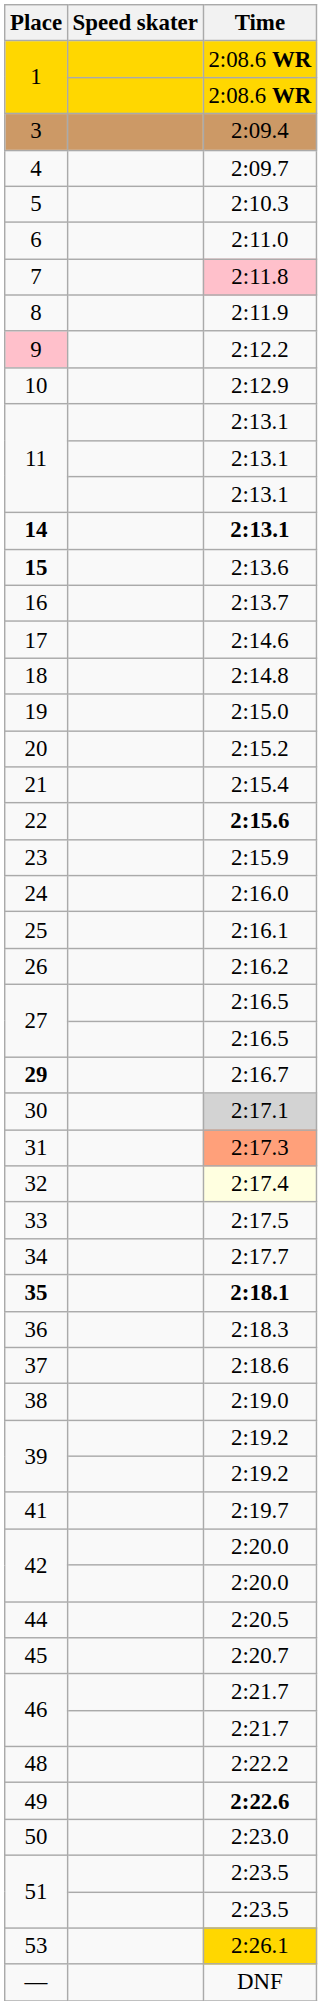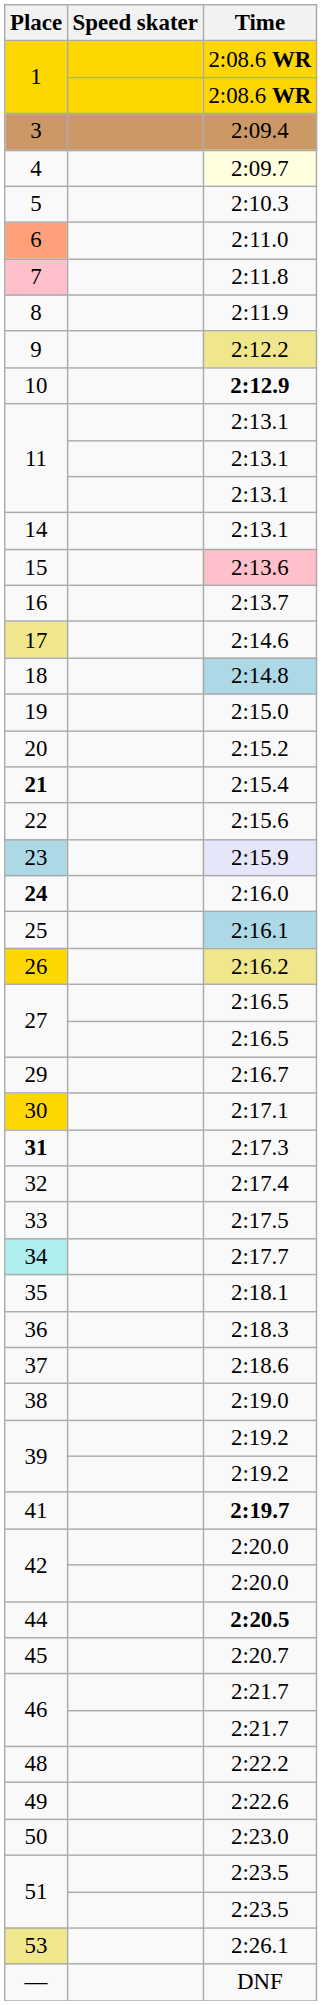 <table class="wikitable" style="text-align:center">
 <tr>
 <th>Place</th>
 <th>Speed skater</th>
 <th>Time</th>
 </tr>
 <tr bgcolor=gold>
 <td rowspan=2>1</td>
 <td align=left></td>
 <td>2:08.6 <strong>WR</strong></td>
 </tr>
 <tr bgcolor=gold>
 <td align=left></td>
 <td>2:08.6 <strong>WR</strong></td>
 </tr>
 <tr bgcolor=cc9966>
 <td>3</td>
 <td align=left></td>
 <td>2:09.4</td>
 </tr>
 <tr>
 <td>4</td>
 <td align=left></td>
-<td>2:09.7</td>
+<td style="background: lightyellow;">2:09.7</td>
 </tr>
 <tr>
 <td>5</td>
 <td align=left></td>
 <td>2:10.3</td>
 </tr>
 <tr>
-<td>6</td>
+<td style="background: lightsalmon;">6</td>
 <td align=left></td>
 <td>2:11.0</td>
 </tr>
 <tr>
-<td>7</td>
+<td style="background: pink;">7</td>
 <td align=left></td>
-<td style="background: pink;">2:11.8</td>
+<td>2:11.8</td>
 </tr>
 <tr>
 <td>8</td>
 <td align=left></td>
 <td>2:11.9</td>
 </tr>
 <tr>
-<td style="background: pink;">9</td>
+<td>9</td>
 <td align=left></td>
-<td>2:12.2</td>
+<td style="background: khaki;">2:12.2</td>
 </tr>
 <tr>
 <td>10</td>
 <td align=left></td>
-<td>2:12.9</td>
+<td><strong>2:12.9</strong></td>
 </tr>
 <tr>
 <td rowspan=3>11</td>
 <td align=left></td>
 <td>2:13.1</td>
 </tr>
 <tr>
 <td align=left></td>
 <td>2:13.1</td>
 </tr>
 <tr>
 <td align=left></td>
 <td>2:13.1</td>
 </tr>
 <tr>
-<td><strong>14</strong></td>
+<td>14</td>
 <td align=left></td>
-<td><strong>2:13.1</strong></td>
+<td>2:13.1</td>
 </tr>
 <tr>
-<td><strong>15</strong></td>
+<td>15</td>
 <td align=left></td>
-<td>2:13.6</td>
+<td style="background: pink;">2:13.6</td>
 </tr>
 <tr>
 <td>16</td>
 <td align=left></td>
 <td>2:13.7</td>
 </tr>
 <tr>
-<td>17</td>
+<td style="background: khaki;">17</td>
 <td align=left></td>
 <td>2:14.6</td>
 </tr>
 <tr>
 <td>18</td>
 <td align=left></td>
-<td>2:14.8</td>
+<td style="background: lightblue;">2:14.8</td>
 </tr>
 <tr>
 <td>19</td>
 <td align=left></td>
 <td>2:15.0</td>
 </tr>
 <tr>
 <td>20</td>
 <td align=left></td>
 <td>2:15.2</td>
 </tr>
 <tr>
-<td>21</td>
+<td><strong>21</strong></td>
 <td align=left></td>
 <td>2:15.4</td>
 </tr>
 <tr>
 <td>22</td>
 <td Align=left></td>
-<td><strong>2:15.6</strong></td>
+<td>2:15.6</td>
 </tr>
 <tr>
-<td>23</td>
+<td style="background: lightblue;">23</td>
 <td align=left></td>
-<td>2:15.9</td>
+<td style="background: lavender;">2:15.9</td>
 </tr>
 <tr>
-<td>24</td>
+<td><strong>24</strong></td>
 <td align=left></td>
 <td>2:16.0</td>
 </tr>
 <tr>
 <td>25</td>
 <td align=left></td>
-<td>2:16.1</td>
+<td style="background: lightblue;">2:16.1</td>
 </tr>
 <tr>
-<td>26</td>
+<td style="background: gold;">26</td>
 <td align=left></td>
-<td>2:16.2</td>
+<td style="background: khaki;">2:16.2</td>
 </tr>
 <tr>
 <td rowspan=2>27</td>
 <td align=left></td>
 <td>2:16.5</td>
 </tr>
 <tr>
 <td align=left></td>
 <td>2:16.5</td>
 </tr>
 <tr>
-<td><strong>29</strong></td>
+<td>29</td>
 <td align=left></td>
 <td>2:16.7</td>
 </tr>
 <tr>
-<td>30</td>
+<td style="background: gold;">30</td>
 <td align=left></td>
-<td style="background: lightgrey;">2:17.1</td>
+<td>2:17.1</td>
 </tr>
 <tr>
-<td>31</td>
+<td><strong>31</strong></td>
 <td align=left></td>
-<td style="background: lightsalmon;">2:17.3</td>
+<td>2:17.3</td>
 </tr>
 <tr>
 <td>32</td>
 <td align=left></td>
-<td style="background: lightyellow;">2:17.4</td>
+<td>2:17.4</td>
 </tr>
 <tr>
 <td>33</td>
 <td align=left></td>
 <td>2:17.5</td>
 </tr>
 <tr>
-<td>34</td>
+<td style="background: paleturquoise;">34</td>
 <td align=left></td>
 <td>2:17.7</td>
 </tr>
 <tr>
-<td><strong>35</strong></td>
+<td>35</td>
 <td align=left></td>
-<td><strong>2:18.1</strong></td>
+<td>2:18.1</td>
 </tr>
 <tr>
 <td>36</td>
 <td align=left></td>
 <td>2:18.3</td>
 </tr>
 <tr>
 <td>37</td>
 <td align=left></td>
 <td>2:18.6</td>
 </tr>
 <tr>
 <td>38</td>
 <td align=left></td>
 <td>2:19.0</td>
 </tr>
 <tr>
 <td rowspan=2>39</td>
 <td align=left></td>
 <td>2:19.2</td>
 </tr>
 <tr>
 <td align=left></td>
 <td>2:19.2</td>
 </tr>
 <tr>
 <td>41</td>
 <td align=left></td>
-<td>2:19.7</td>
+<td><strong>2:19.7</strong></td>
 </tr>
 <tr>
 <td rowspan=2>42</td>
 <td align=left></td>
 <td>2:20.0</td>
 </tr>
 <tr>
 <td align=left></td>
 <td>2:20.0</td>
 </tr>
 <tr>
 <td>44</td>
 <td align=left></td>
-<td>2:20.5</td>
+<td><strong>2:20.5</strong></td>
 </tr>
 <tr>
 <td>45</td>
 <td align=left></td>
 <td>2:20.7</td>
 </tr>
 <tr>
 <td rowspan=2>46</td>
 <td align=left></td>
 <td>2:21.7</td>
 </tr>
 <tr>
 <td align=left></td>
 <td>2:21.7</td>
 </tr>
 <tr>
 <td>48</td>
 <td align=left></td>
 <td>2:22.2</td>
 </tr>
 <tr>
 <td>49</td>
 <td align=left></td>
-<td><strong>2:22.6</strong></td>
+<td>2:22.6</td>
 </tr>
 <tr>
 <td>50</td>
 <td align=left></td>
 <td>2:23.0</td>
 </tr>
 <tr>
 <td rowspan=2>51</td>
 <td align=left></td>
 <td>2:23.5</td>
 </tr>
 <tr>
 <td align=left></td>
 <td>2:23.5</td>
 </tr>
 <tr>
-<td>53</td>
+<td style="background: khaki;">53</td>
 <td align=left></td>
-<td style="background: gold;">2:26.1</td>
+<td>2:26.1</td>
 </tr>
 <tr>
 <td>—</td>
 <td align=left></td>
 <td>DNF</td>
 </tr>
 </table>
